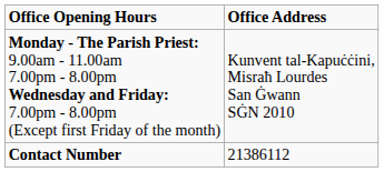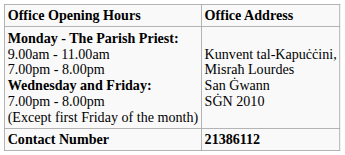 <table class="wikitable">
 <tr>
 <td><strong>Office Opening Hours</strong></td>
 <td><strong>Office Address</strong></td>
 </tr>
 <tr>
 <td><strong>Monday - The Parish Priest:</strong><br>9.00am - 11.00am<br>7.00pm - 8.00pm<br><strong>Wednesday and Friday:</strong><br>7.00pm - 8.00pm<br>(Except first Friday of the month)</td>
 <td>Kunvent tal-Kapuċċini,<br>Misraħ Lourdes<br>San Ġwann <br>SĠN 2010</td>
 </tr>
 <tr>
 <td><strong>Contact Number</strong></td>
-<td>21386112</td>
+<td><strong>21386112</strong></td>
 </tr>
 </table>
